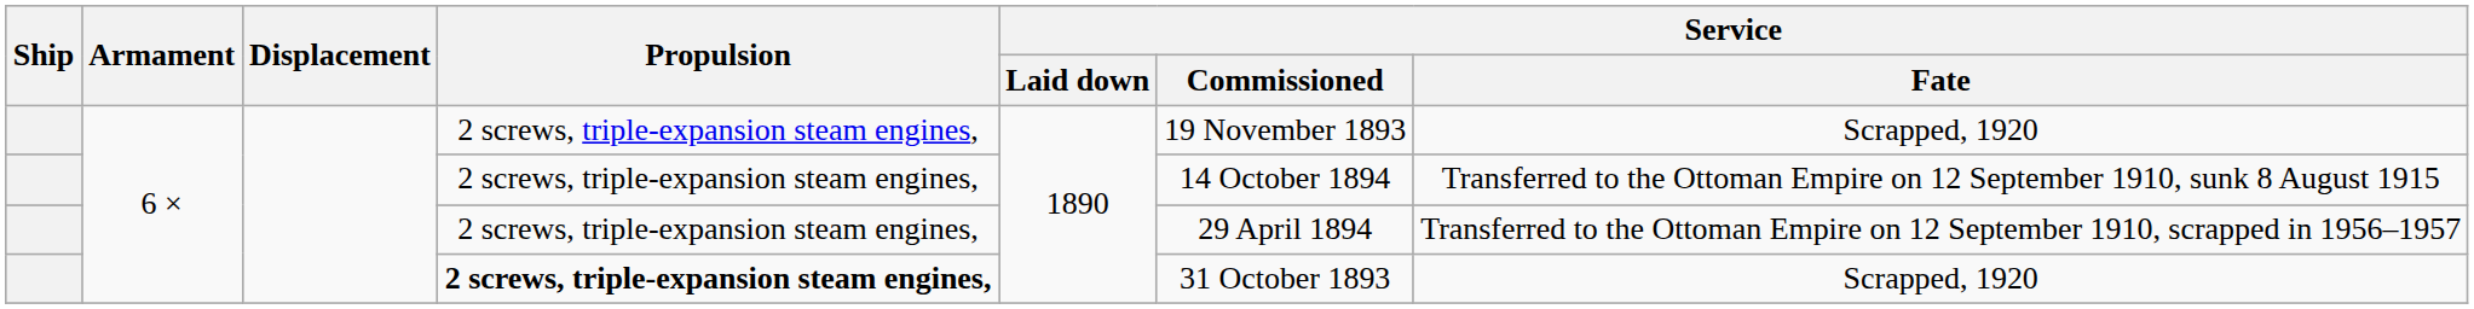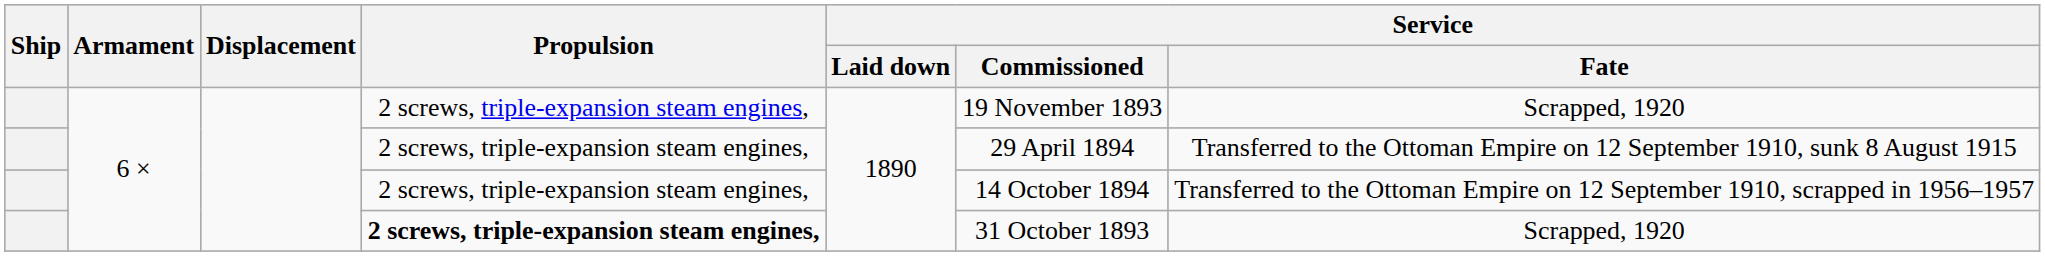 <table class="wikitable plainrowheaders" style="text-align: center;">
 <tr valign="center">
 <th scope="col" rowspan="2">Ship</th>
 <th scope="col" rowspan="2">Armament</th>
 <th scope="col" rowspan="2">Displacement</th>
 <th scope="col" rowspan="2">Propulsion</th>
 <th scope="col" colspan="3">Service</th>
 </tr>
 <tr valign="center">
 <th scope="col">Laid down</th>
 <th scope="col">Commissioned</th>
 <th scope="col">Fate</th>
 </tr>
 <tr valign="center">
 <th scope="row"></th>
 <td rowspan="4">6 × </td>
 <td rowspan="4"></td>
 <td>2 screws, <a href='#'>triple-expansion steam engines</a>, </td>
 <td rowspan="4">1890</td>
 <td>19 November 1893</td>
 <td>Scrapped, 1920</td>
 </tr>
 <tr valign="center">
 <th scope="row"></th>
 <td>2 screws, triple-expansion steam engines, </td>
-<td>14 October 1894</td>
+<td>29 April 1894</td>
 <td>Transferred to the Ottoman Empire on 12 September 1910, sunk 8 August 1915</td>
 </tr>
 <tr valign="center">
 <th scope="row"></th>
 <td>2 screws, triple-expansion steam engines, </td>
-<td>29 April 1894</td>
+<td>14 October 1894</td>
 <td>Transferred to the Ottoman Empire on 12 September 1910, scrapped in 1956–1957</td>
 </tr>
 <tr valign="center">
 <th scope="row"></th>
 <td><strong>2 screws, triple-expansion steam engines, </strong></td>
 <td>31 October 1893</td>
 <td>Scrapped, 1920</td>
 </tr>
 </table>
